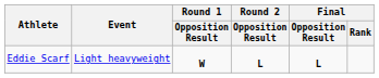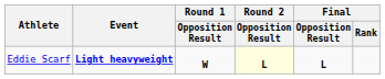 <table class="wikitable" style="font-size:90%;">
 <tr>
 <th rowspan=2>Athlete</th>
 <th rowspan=2>Event</th>
 <th>Round 1</th>
 <th>Round 2</th>
 <th colspan=2>Final</th>
 </tr>
 <tr style="font-size: 95%">
 <th>Opposition<br>Result</th>
 <th>Opposition<br>Result</th>
 <th>Opposition<br>Result</th>
 <th>Rank</th>
 </tr>
 <tr align=center>
 <td align=left><a href='#'>Eddie Scarf</a></td>
-<td align=left><a href='#'>Light heavyweight</a></td>
+<td align=left><strong><a href='#'>Light heavyweight</a></strong></td>
 <td> <br> <strong>W</strong></td>
-<td> <br> <strong>L</strong></td>
+<td style="background: lightyellow;"> <br> <strong>L</strong></td>
 <td> <br> <strong>L</strong></td>
 <td align=center></td>
 </tr>
 </table>
